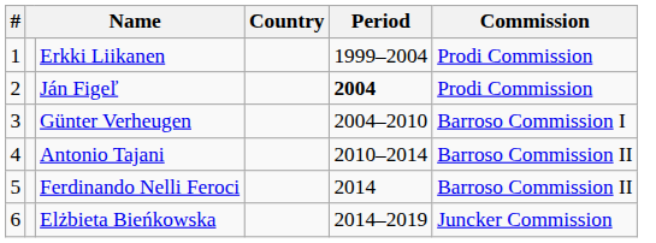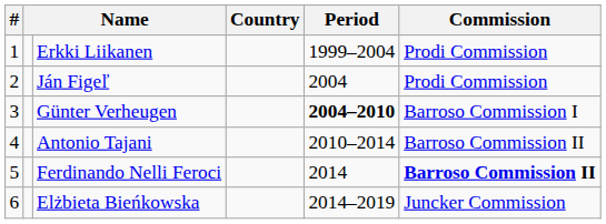 <table class="wikitable">
 <tr>
 <th>#</th>
 <th colspan=2>Name</th>
 <th>Country</th>
 <th>Period</th>
 <th>Commission</th>
 </tr>
 <tr>
 <td>1</td>
 <td></td>
 <td><a href='#'>Erkki Liikanen</a></td>
 <td></td>
 <td>1999–2004</td>
 <td><a href='#'>Prodi Commission</a></td>
 </tr>
 <tr>
 <td>2</td>
 <td></td>
 <td><a href='#'>Ján Figeľ</a></td>
 <td></td>
-<td><strong>2004</strong></td>
+<td>2004</td>
 <td><a href='#'>Prodi Commission</a></td>
 </tr>
 <tr>
 <td>3</td>
 <td></td>
 <td><a href='#'>Günter Verheugen</a></td>
 <td></td>
-<td>2004–2010</td>
+<td><strong>2004–2010</strong></td>
 <td><a href='#'>Barroso Commission</a> I</td>
 </tr>
 <tr>
 <td>4</td>
 <td></td>
 <td><a href='#'>Antonio Tajani</a></td>
 <td></td>
 <td>2010–2014</td>
 <td><a href='#'>Barroso Commission</a> II</td>
 </tr>
 <tr>
 <td>5</td>
 <td></td>
 <td><a href='#'>Ferdinando Nelli Feroci</a></td>
 <td></td>
 <td>2014</td>
-<td><a href='#'>Barroso Commission</a> II</td>
+<td><strong><a href='#'>Barroso Commission</a> II</strong></td>
 </tr>
 <tr>
 <td>6</td>
 <td></td>
 <td><a href='#'>Elżbieta Bieńkowska</a></td>
 <td></td>
 <td>2014–2019</td>
 <td><a href='#'>Juncker Commission</a></td>
 </tr>
 </table>
